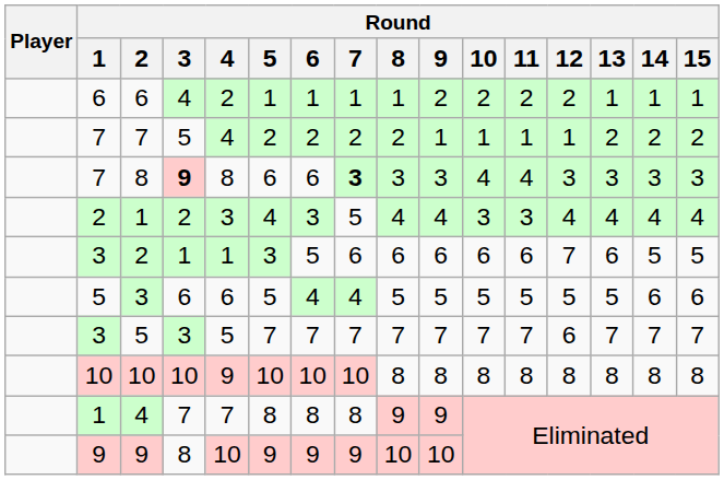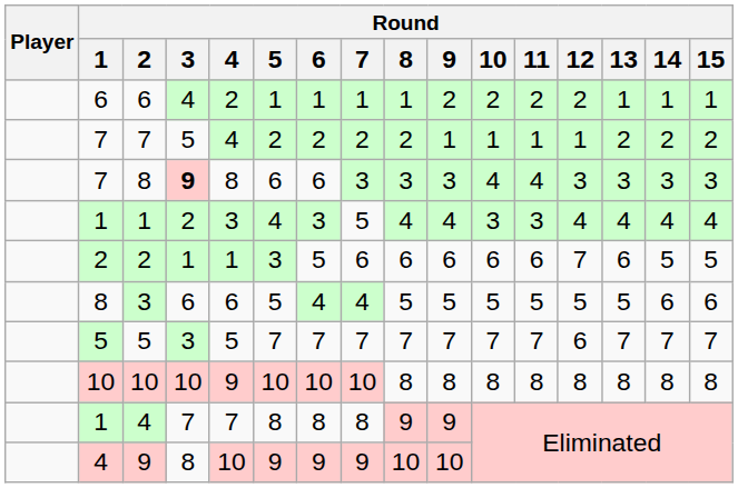 <table class="wikitable">
 <tr style="font-size:10pt;font-weight:bold">
 <th rowspan=2>Player</th>
 <th colspan=15>Round</th>
 </tr>
 <tr>
 <th style="width:20px;">1</th>
 <th style="width:20px;">2</th>
 <th style="width:20px;">3</th>
 <th style="width:20px;">4</th>
 <th style="width:20px;">5</th>
 <th style="width:20px;">6</th>
 <th style="width:20px;">7</th>
 <th style="width:20px;">8</th>
 <th style="width:20px;">9</th>
 <th style="width:20px;">10</th>
 <th style="width:20px;">11</th>
 <th style="width:20px;">12</th>
 <th style="width:20px;">13</th>
 <th style="width:20px;">14</th>
 <th style="width:20px;">15</th>
 </tr>
 <tr>
 <td> </td>
 <td align=center>6</td>
 <td align=center>6</td>
 <td style="text-align:center; background:#cfc;">4</td>
 <td style="text-align:center; background:#cfc;">2</td>
 <td style="text-align:center; background:#cfc;">1</td>
 <td style="text-align:center; background:#cfc;">1</td>
 <td style="text-align:center; background:#cfc;">1</td>
 <td style="text-align:center; background:#cfc;">1</td>
 <td style="text-align:center; background:#cfc;">2</td>
 <td style="text-align:center; background:#cfc;">2</td>
 <td style="text-align:center; background:#cfc;">2</td>
 <td style="text-align:center; background:#cfc;">2</td>
 <td style="text-align:center; background:#cfc;">1</td>
 <td style="text-align:center; background:#cfc;">1</td>
 <td style="text-align:center; background:#cfc;">1</td>
 </tr>
 <tr>
 <td> </td>
 <td align=center>7</td>
 <td align=center>7</td>
 <td align=center>5</td>
 <td style="text-align:center; background:#cfc;">4</td>
 <td style="text-align:center; background:#cfc;">2</td>
 <td style="text-align:center; background:#cfc;">2</td>
 <td style="text-align:center; background:#cfc;">2</td>
 <td style="text-align:center; background:#cfc;">2</td>
 <td style="text-align:center; background:#cfc;">1</td>
 <td style="text-align:center; background:#cfc;">1</td>
 <td style="text-align:center; background:#cfc;">1</td>
 <td style="text-align:center; background:#cfc;">1</td>
 <td style="text-align:center; background:#cfc;">2</td>
 <td style="text-align:center; background:#cfc;">2</td>
 <td style="text-align:center; background:#cfc;">2</td>
 </tr>
 <tr>
 <td> </td>
 <td align=center>7</td>
 <td align=center>8</td>
 <td style="text-align:center; background:#fcc;"><strong>9</strong></td>
 <td align=center>8</td>
 <td align=center>6</td>
 <td align=center>6</td>
-<td style="text-align:center; background:#cfc;"><strong>3</strong></td>
+<td style="text-align:center; background:#cfc;">3</td>
 <td style="text-align:center; background:#cfc;">3</td>
 <td style="text-align:center; background:#cfc;">3</td>
 <td style="text-align:center; background:#cfc;">4</td>
 <td style="text-align:center; background:#cfc;">4</td>
 <td style="text-align:center; background:#cfc;">3</td>
 <td style="text-align:center; background:#cfc;">3</td>
 <td style="text-align:center; background:#cfc;">3</td>
 <td style="text-align:center; background:#cfc;">3</td>
 </tr>
 <tr>
 <td> </td>
-<td style="text-align:center; background:#cfc;">2</td>
+<td style="text-align:center; background:#cfc;">1</td>
 <td style="text-align:center; background:#cfc;">1</td>
 <td style="text-align:center; background:#cfc;">2</td>
 <td style="text-align:center; background:#cfc;">3</td>
 <td style="text-align:center; background:#cfc;">4</td>
 <td style="text-align:center; background:#cfc;">3</td>
 <td align=center>5</td>
 <td style="text-align:center; background:#cfc;">4</td>
 <td style="text-align:center; background:#cfc;">4</td>
 <td style="text-align:center; background:#cfc;">3</td>
 <td style="text-align:center; background:#cfc;">3</td>
 <td style="text-align:center; background:#cfc;">4</td>
 <td style="text-align:center; background:#cfc;">4</td>
 <td style="text-align:center; background:#cfc;">4</td>
 <td style="text-align:center; background:#cfc;">4</td>
 </tr>
 <tr>
 <td> </td>
-<td style="text-align:center; background:#cfc;">3</td>
+<td style="text-align:center; background:#cfc;">2</td>
 <td style="text-align:center; background:#cfc;">2</td>
 <td style="text-align:center; background:#cfc;">1</td>
 <td style="text-align:center; background:#cfc;">1</td>
 <td style="text-align:center; background:#cfc;">3</td>
 <td align=center>5</td>
 <td align=center>6</td>
 <td align=center>6</td>
 <td align=center>6</td>
 <td align=center>6</td>
 <td align=center>6</td>
 <td align=center>7</td>
 <td align=center>6</td>
 <td align=center>5</td>
 <td align=center>5</td>
 </tr>
 <tr>
 <td> </td>
-<td align=center>5</td>
+<td align=center>8</td>
 <td style="text-align:center; background:#cfc;">3</td>
 <td align=center>6</td>
 <td align=center>6</td>
 <td align=center>5</td>
 <td style="text-align:center; background:#cfc;">4</td>
 <td style="text-align:center; background:#cfc;">4</td>
 <td align=center>5</td>
 <td align=center>5</td>
 <td align=center>5</td>
 <td align=center>5</td>
 <td align=center>5</td>
 <td align=center>5</td>
 <td align=center>6</td>
 <td align=center>6</td>
 </tr>
 <tr>
 <td></td>
-<td style="text-align:center; background:#cfc;">3</td>
+<td style="text-align:center; background:#cfc;">5</td>
 <td align=center>5</td>
 <td style="text-align:center; background:#cfc;">3</td>
 <td align=center>5</td>
 <td align=center>7</td>
 <td align=center>7</td>
 <td align=center>7</td>
 <td align=center>7</td>
 <td align=center>7</td>
 <td align=center>7</td>
 <td align=center>7</td>
 <td align=center>6</td>
 <td align=center>7</td>
 <td align=center>7</td>
 <td align=center>7</td>
 </tr>
 <tr>
 <td> </td>
 <td style="text-align:center; background:#fcc;">10</td>
 <td style="text-align:center; background:#fcc;">10</td>
 <td style="text-align:center; background:#fcc;">10</td>
 <td style="text-align:center; background:#fcc;">9</td>
 <td style="text-align:center; background:#fcc;">10</td>
 <td style="text-align:center; background:#fcc;">10</td>
 <td style="text-align:center; background:#fcc;">10</td>
 <td align=center>8</td>
 <td align=center>8</td>
 <td align=center>8</td>
 <td align=center>8</td>
 <td align=center>8</td>
 <td align=center>8</td>
 <td align=center>8</td>
 <td align=center>8</td>
 </tr>
 <tr>
 <td> </td>
 <td style="text-align:center; background:#cfc;">1</td>
 <td style="text-align:center; background:#cfc;">4</td>
 <td align=center>7</td>
 <td align=center>7</td>
 <td align=center>8</td>
 <td align=center>8</td>
 <td align=center>8</td>
 <td style="text-align:center; background:#fcc;">9</td>
 <td style="text-align:center; background:#fcc;">9</td>
 <td style="text-align:center; background:#fcc;" rowspan="2" colspan="6">Eliminated</td>
 </tr>
 <tr>
 <td> </td>
-<td style="text-align:center; background:#fcc;">9</td>
+<td style="text-align:center; background:#fcc;">4</td>
 <td style="text-align:center; background:#fcc;">9</td>
 <td align=center>8</td>
 <td style="text-align:center; background:#fcc;">10</td>
 <td style="text-align:center; background:#fcc;">9</td>
 <td style="text-align:center; background:#fcc;">9</td>
 <td style="text-align:center; background:#fcc;">9</td>
 <td style="text-align:center; background:#fcc;">10</td>
 <td style="text-align:center; background:#fcc;">10</td>
 </tr>
 </table>
